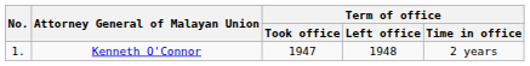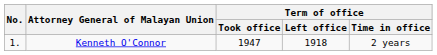 <table class="wikitable" style="text-align:center;">
 <tr style="background:#cccccc">
 <th rowspan=2>No.</th>
 <th rowspan=2>Attorney General of Malayan Union</th>
 <th colspan=3>Term of office</th>
 </tr>
 <tr>
 <th>Took office</th>
 <th>Left office</th>
 <th>Time in office</th>
 </tr>
 <tr>
 <td>1.</td>
 <td><a href='#'>Kenneth O'Connor</a></td>
 <td>1947</td>
-<td>1948</td>
+<td>1918</td>
 <td>2 years</td>
 </tr>
 </table>
